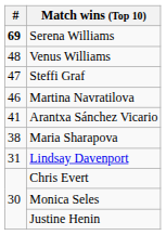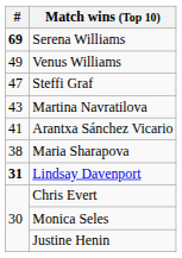 <table class="wikitable" style="display:inline-table;">
 <tr>
 <th width=20>#</th>
 <th>Match wins <small>(Top 10)</small></th>
 </tr>
 <tr>
 <td><strong>69</strong></td>
 <td> Serena Williams</td>
 </tr>
 <tr>
-<td>48</td>
+<td>49</td>
 <td> Venus Williams</td>
 </tr>
 <tr>
 <td>47</td>
 <td> Steffi Graf</td>
 </tr>
 <tr>
-<td>46</td>
+<td>43</td>
 <td> Martina Navratilova</td>
 </tr>
 <tr>
 <td>41</td>
 <td> Arantxa Sánchez Vicario</td>
 </tr>
 <tr>
 <td>38</td>
 <td> Maria Sharapova</td>
 </tr>
 <tr>
-<td>31</td>
+<td><strong>31</strong></td>
 <td> <a href='#'>Lindsay Davenport</a></td>
 </tr>
 <tr>
 <td rowspan=3>30</td>
 <td> Chris Evert</td>
 </tr>
 <tr>
 <td> Monica Seles</td>
 </tr>
 <tr>
 <td> Justine Henin</td>
 </tr>
 </table>
